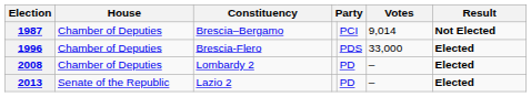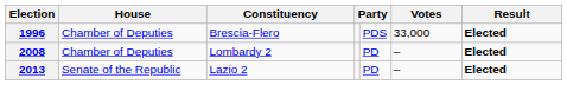 <table class=wikitable style="width:60%; border:1px #AAAAFF solid">
 <tr>
 <th width=8%>Election</th>
 <th width=25%>House</th>
 <th width=25%>Constituency</th>
 <th width=5% colspan="2">Party</th>
 <th width=12%>Votes</th>
 <th width=17%>Result</th>
-</tr>
-<tr>
-<th><a href='#'>1987</a></th>
-<td><a href='#'>Chamber of Deputies</a></td>
-<td><a href='#'>Brescia–Bergamo</a></td>
-<td></td>
-<td><a href='#'>PCI</a></td>
-<td>9,014</td>
-<td> <strong>Not Elected</strong></td>
 </tr>
 <tr>
 <th><a href='#'>1996</a></th>
 <td><a href='#'>Chamber of Deputies</a></td>
 <td><a href='#'>Brescia-Flero</a></td>
 <td></td>
 <td><a href='#'>PDS</a></td>
 <td>33,000</td>
 <td> <strong>Elected</strong></td>
 </tr>
 <tr>
 <th><a href='#'>2008</a></th>
 <td><a href='#'>Chamber of Deputies</a></td>
 <td><a href='#'>Lombardy 2</a></td>
 <td></td>
 <td><a href='#'>PD</a></td>
 <td>–</td>
 <td> <strong>Elected</strong></td>
 </tr>
 <tr>
 <th><a href='#'>2013</a></th>
 <td><a href='#'>Senate of the Republic</a></td>
 <td><a href='#'>Lazio 2</a></td>
 <td></td>
 <td><a href='#'>PD</a></td>
 <td>–</td>
 <td> <strong>Elected</strong></td>
 </tr>
 </table>
